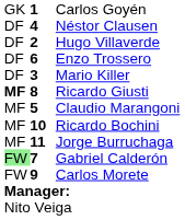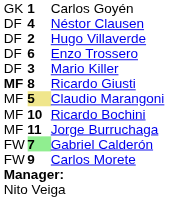 <table style="font-size:90%; margin:0.2em auto;" cellspacing="0" cellpadding="0">
 <tr>
 <th width="25"></th>
 <th width="25"></th>
 </tr>
 <tr>
 <td>GK</td>
 <td><strong>1</strong></td>
 <td> Carlos Goyén</td>
 </tr>
 <tr>
 <td>DF</td>
 <td><strong>4</strong></td>
 <td> <a href='#'>Néstor Clausen</a></td>
 </tr>
 <tr>
 <td>DF</td>
 <td><strong>2</strong></td>
 <td> <a href='#'>Hugo Villaverde</a></td>
 </tr>
 <tr>
 <td>DF</td>
 <td><strong>6</strong></td>
 <td> <a href='#'>Enzo Trossero</a></td>
 </tr>
 <tr>
 <td>DF</td>
 <td><strong>3</strong></td>
 <td> <a href='#'>Mario Killer</a></td>
 </tr>
 <tr>
 <td><strong>MF</strong></td>
 <td><strong>8</strong></td>
 <td> <a href='#'>Ricardo Giusti</a></td>
 </tr>
 <tr>
 <td>MF</td>
-<td><strong>5</strong></td>
+<td style="background: khaki;"><strong>5</strong></td>
 <td> <a href='#'>Claudio Marangoni</a></td>
 </tr>
 <tr>
 <td>MF</td>
 <td><strong>10</strong></td>
 <td> <a href='#'>Ricardo Bochini</a></td>
 </tr>
 <tr>
 <td>MF</td>
 <td><strong>11</strong></td>
 <td> <a href='#'>Jorge Burruchaga</a></td>
 </tr>
 <tr>
-<td style="background: lightgreen;">FW</td>
-<td><strong>7</strong></td>
+<td>FW</td>
+<td style="background: lightgreen;"><strong>7</strong></td>
 <td> <a href='#'>Gabriel Calderón</a></td>
 </tr>
 <tr>
 <td>FW</td>
 <td><strong>9</strong></td>
 <td> <a href='#'>Carlos Morete</a></td>
 </tr>
 <tr>
 <td colspan=3><strong>Manager:</strong></td>
 </tr>
 <tr>
 <td colspan=4> Nito Veiga</td>
 </tr>
 </table>
